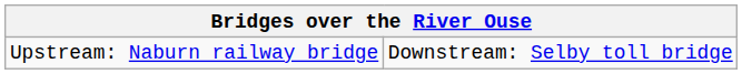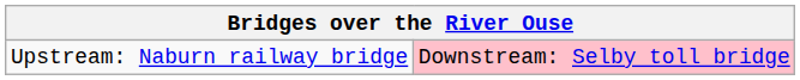 <table class="wikitable">
 <tr>
 <th colspan=2>Bridges over the <a href='#'>River Ouse</a></th>
 </tr>
 <tr>
 <td>Upstream: <a href='#'>Naburn railway bridge</a></td>
-<td>Downstream: <a href='#'>Selby toll bridge</a></td>
+<td style="background: pink;">Downstream: <a href='#'>Selby toll bridge</a></td>
 </tr>
 </table>
